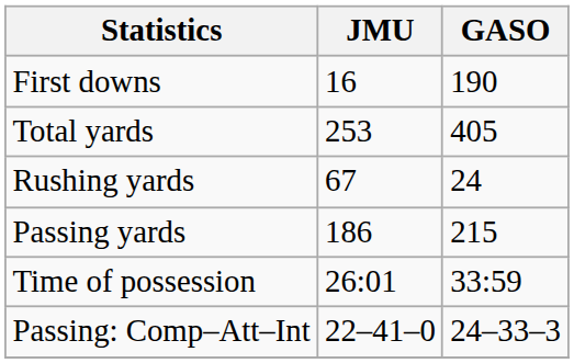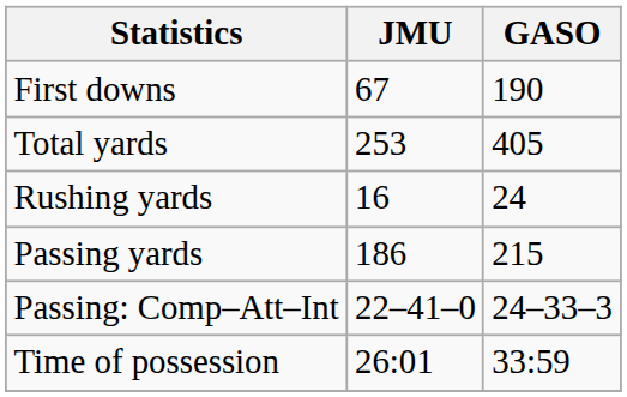 <table class="wikitable" style="float: left;">
 <tr>
 <th>Statistics</th>
 <th>JMU</th>
 <th>GASO</th>
 </tr>
 <tr>
 <td>First downs</td>
-<td>16</td>
+<td>67</td>
 <td>190</td>
 </tr>
 <tr>
 <td>Total yards</td>
 <td>253</td>
 <td>405</td>
 </tr>
 <tr>
 <td>Rushing yards</td>
-<td>67</td>
+<td>16</td>
 <td>24</td>
 </tr>
 <tr>
 <td>Passing yards</td>
 <td>186</td>
 <td>215</td>
 </tr>
 <tr>
+<td>Passing: Comp–Att–Int</td>
+<td>22–41–0</td>
+<td>24–33–3</td>
+</tr>
+<tr>
 <td>Time of possession</td>
 <td>26:01</td>
 <td>33:59</td>
 </tr>
 <tr>
-<td>Passing: Comp–Att–Int</td>
-<td>22–41–0</td>
-<td>24–33–3</td>
-</tr>
-<tr>
 </tr>
 </table>
